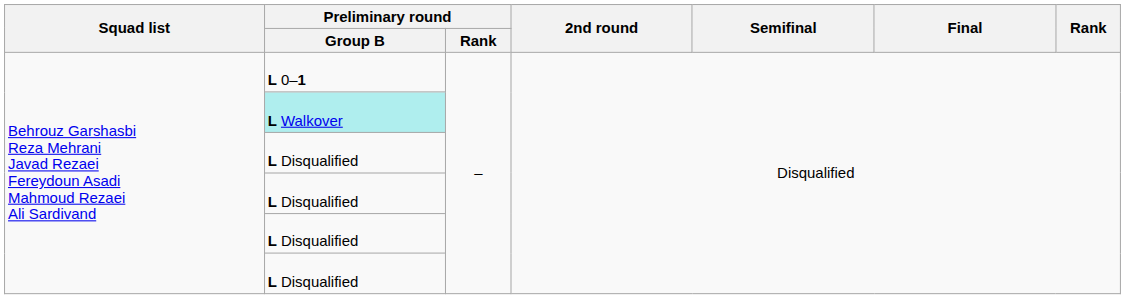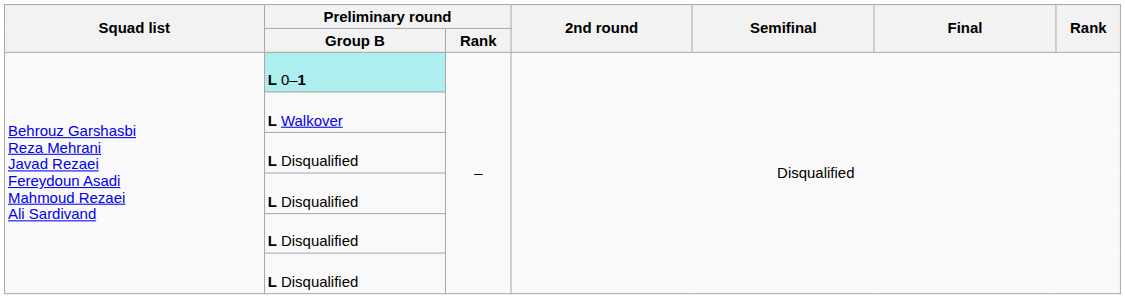 <table class="wikitable" width="85%" style="text-align:left; font-size:90%">
 <tr>
 <th rowspan="2" width="20%">Squad list</th>
 <th colspan="2">Preliminary round</th>
 <th rowspan="2" width="14%">2nd round</th>
 <th rowspan="2" width="14%">Semifinal</th>
 <th rowspan="2" width="14%">Final</th>
 <th rowspan="2" width="5%">Rank</th>
 </tr>
 <tr>
 <th width="14%">Group B</th>
 <th width="5%">Rank</th>
 </tr>
 <tr>
 <td rowspan="6"><a href='#'>Behrouz Garshasbi</a><br><a href='#'>Reza Mehrani</a><br><a href='#'>Javad Rezaei</a><br><a href='#'>Fereydoun Asadi</a><br><a href='#'>Mahmoud Rezaei</a><br><a href='#'>Ali Sardivand</a></td>
-<td><br><strong>L</strong> 0–<strong>1</strong></td>
+<td style="background: paleturquoise;"><br><strong>L</strong> 0–<strong>1</strong></td>
 <td rowspan="6" align=center>–</td>
 <td colspan="4" align=center rowspan="6">Disqualified</td>
 </tr>
 <tr>
-<td style="background: paleturquoise;"><br><strong>L</strong> <a href='#'>Walkover</a></td>
+<td><br><strong>L</strong> <a href='#'>Walkover</a></td>
 </tr>
 <tr>
 <td><br><strong>L</strong> Disqualified</td>
 </tr>
 <tr>
 <td><br><strong>L</strong> Disqualified</td>
 </tr>
 <tr>
 <td><br><strong>L</strong> Disqualified</td>
 </tr>
 <tr>
 <td><br><strong>L</strong> Disqualified</td>
 </tr>
 </table>
